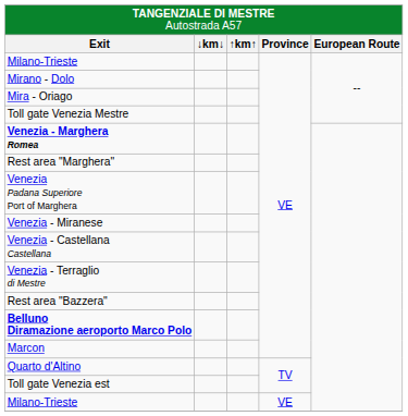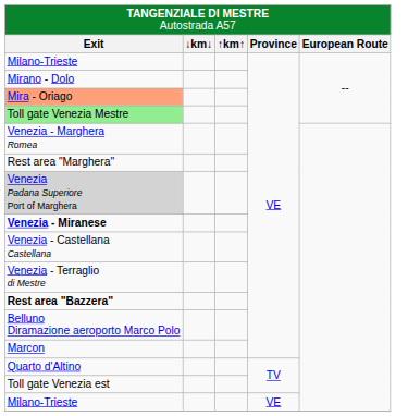 <table class="wikitable" border="1">
 <tr>
 </tr>
 <tr align="center" bgcolor="08842C" style="color: white;font-size:100%;">
 <td colspan="6"><strong> TANGENZIALE DI MESTRE</strong><br>Autostrada A57</td>
 </tr>
 <tr>
 <th style="text-align:center;"><strong>Exit</strong></th>
 <th style="text-align:center;"><strong>↓km↓</strong></th>
 <th style="text-align:center;"><strong>↑km↑</strong></th>
 <th align="center"><strong>Province</strong></th>
 <th align="center"><strong>European Route</strong></th>
 </tr>
 <tr>
 <td>   <a href='#'>Milano-Trieste</a></td>
 <td align="right"></td>
 <td align="right"></td>
 <td rowspan=13 align="center"><a href='#'>VE</a></td>
 <td rowspan=4 align="center">--</td>
 </tr>
 <tr>
 <td> <a href='#'>Mirano</a> - <a href='#'>Dolo</a></td>
 <td align="right"></td>
 <td align="right"></td>
 </tr>
 <tr>
-<td> <a href='#'>Mira</a> - Oriago</td>
+<td style="background: lightsalmon;"> <a href='#'>Mira</a> - Oriago</td>
 <td align="right"></td>
 <td align="right"></td>
 </tr>
 <tr>
-<td> Toll gate Venezia Mestre</td>
+<td style="background: lightgreen;"> Toll gate Venezia Mestre</td>
 <td align="right"></td>
 <td align="right"></td>
 </tr>
 <tr>
-<td><strong> <a href='#'>Venezia - Marghera</a><br>  <small><em>Romea</em></small></strong></td>
+<td> <a href='#'>Venezia - Marghera</a><br>  <small><em>Romea</em></small></td>
 <td align="right"></td>
 <td align="right"></td>
 <td rowspan=12 align="center"></td>
 </tr>
 <tr>
 <td> Rest area "Marghera"</td>
 <td align="right"></td>
 <td align="right"></td>
 </tr>
 <tr>
-<td> <a href='#'>Venezia</a><br> <small><em>Padana Superiore</em></small><br> <small>Port of Marghera</small></td>
+<td style="background: lightgrey;"> <a href='#'>Venezia</a><br> <small><em>Padana Superiore</em></small><br> <small>Port of Marghera</small></td>
 <td align="right"></td>
 <td align="right"></td>
 </tr>
 <tr>
-<td> <a href='#'>Venezia</a> - Miranese</td>
+<td><strong> <a href='#'>Venezia</a> - Miranese</strong></td>
 <td align="right"></td>
 <td align="right"></td>
 </tr>
 <tr>
 <td> <a href='#'>Venezia</a> - Castellana<br> <small><em>Castellana</em></small></td>
 <td align="right"></td>
 <td align="right"></td>
 </tr>
 <tr>
 <td> <a href='#'>Venezia</a> - Terraglio<br> <small> <em>di Mestre</em> </small></td>
 <td align="right"></td>
 <td align="right"></td>
 </tr>
 <tr>
-<td> Rest area "Bazzera"</td>
+<td><strong> Rest area "Bazzera"</strong></td>
 <td align="right"></td>
 <td align="right"></td>
 </tr>
 <tr>
-<td><strong>  <a href='#'>Belluno</a><br> <a href='#'>Diramazione aeroporto Marco Polo</a></strong></td>
+<td>  <a href='#'>Belluno</a><br> <a href='#'>Diramazione aeroporto Marco Polo</a></td>
 <td align="right"></td>
 <td align="right"></td>
 </tr>
 <tr>
 <td> <a href='#'>Marcon</a></td>
 <td align="right"></td>
 <td align="right"></td>
 </tr>
 <tr>
 <td> <a href='#'>Quarto d'Altino</a></td>
 <td align="right"></td>
 <td align="right"></td>
 <td rowspan=2 align="center"><a href='#'>TV</a></td>
 </tr>
 <tr>
 <td> Toll gate Venezia est</td>
 <td align="right"></td>
 <td align="right"></td>
 </tr>
 <tr>
 <td>    <a href='#'>Milano-Trieste</a></td>
 <td align="right"></td>
 <td align="right"></td>
 <td align="center"><a href='#'>VE</a></td>
 </tr>
 <tr>
 </tr>
 </table>
